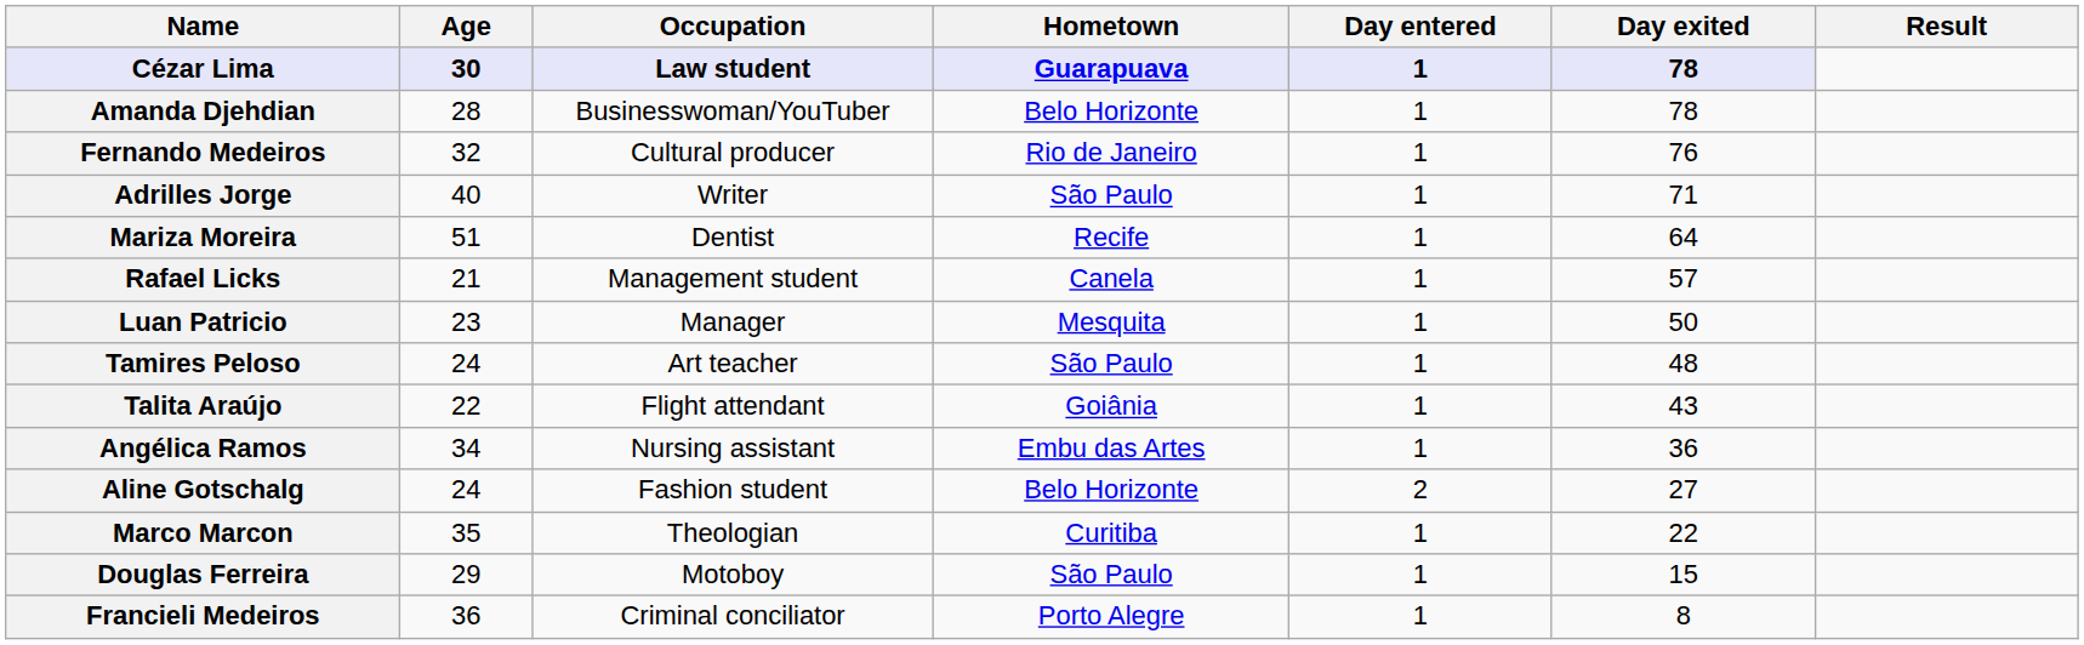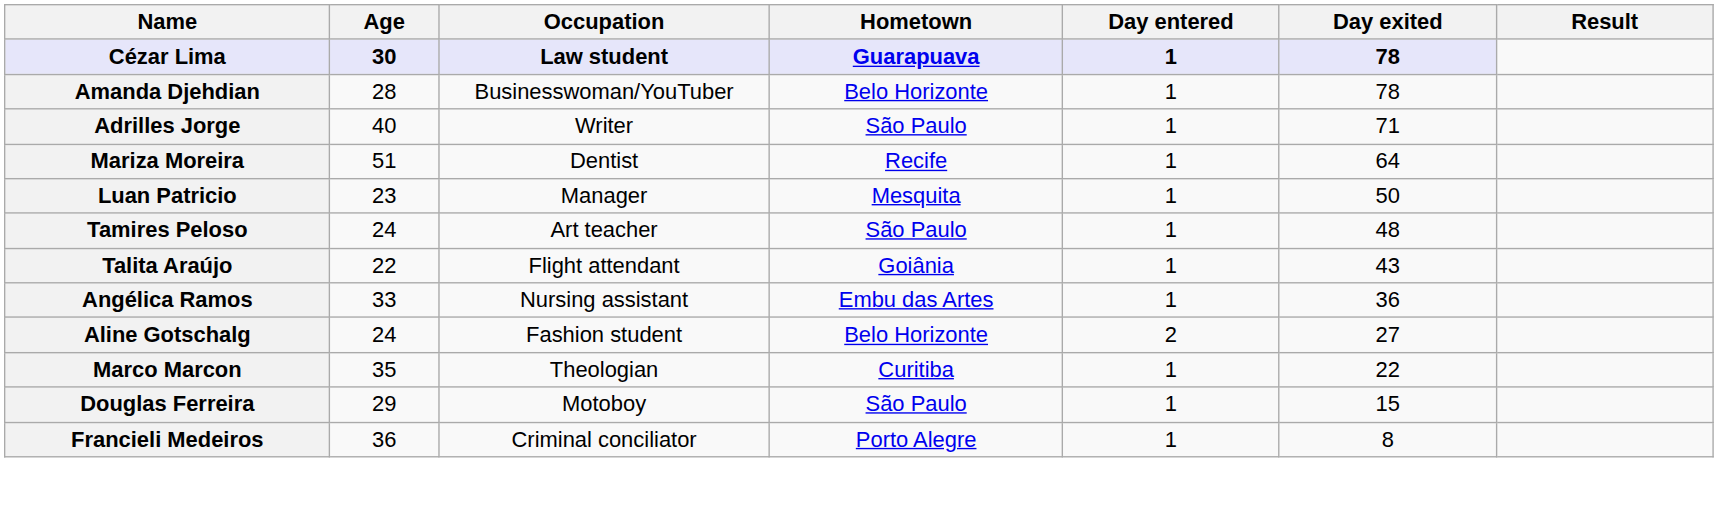 <table class="wikitable sortable" style="text-align:center;">
 <tr>
 <th scope="col" width="15.0%">Name</th>
 <th scope="col" width="05.0%">Age</th>
 <th scope="col" width="13.5%">Occupation</th>
 <th scope="col" width="13.5%">Hometown</th>
 <th scope="col" width="10.0%">Day entered</th>
 <th scope="col" width="10.0%">Day exited</th>
 <th scope="col" width="10.0%">Result</th>
 </tr>
 <tr>
 <td bgcolor="E6E6FA"><strong>Cézar Lima</strong></td>
 <td bgcolor="E6E6FA"><strong>30</strong></td>
 <td bgcolor="E6E6FA"><strong>Law student</strong></td>
 <td bgcolor="E6E6FA"><strong><a href='#'>Guarapuava</a></strong></td>
 <td bgcolor="E6E6FA"><strong>1</strong></td>
 <td bgcolor="E6E6FA"><strong>78</strong></td>
 <td></td>
 </tr>
 <tr>
 <th>Amanda Djehdian</th>
 <td>28</td>
 <td>Businesswoman/YouTuber</td>
 <td><a href='#'>Belo Horizonte</a></td>
 <td>1</td>
 <td>78</td>
 <td></td>
 </tr>
 <tr>
-<th>Fernando Medeiros</th>
-<td>32</td>
-<td>Cultural producer</td>
-<td><a href='#'>Rio de Janeiro</a></td>
-<td>1</td>
-<td>76</td>
-<td></td>
-</tr>
-<tr>
 <th>Adrilles Jorge</th>
 <td>40</td>
 <td>Writer</td>
 <td><a href='#'>São Paulo</a></td>
 <td>1</td>
 <td>71</td>
 <td></td>
 </tr>
 <tr>
 <th>Mariza Moreira</th>
 <td>51</td>
 <td>Dentist</td>
 <td><a href='#'>Recife</a></td>
 <td>1</td>
 <td>64</td>
-<td></td>
-</tr>
-<tr>
-<th>Rafael Licks</th>
-<td>21</td>
-<td>Management student</td>
-<td><a href='#'>Canela</a></td>
-<td>1</td>
-<td>57</td>
 <td></td>
 </tr>
 <tr>
 <th>Luan Patricio</th>
 <td>23</td>
 <td>Manager</td>
 <td><a href='#'>Mesquita</a></td>
 <td>1</td>
 <td>50</td>
 <td></td>
 </tr>
 <tr>
 <th>Tamires Peloso</th>
 <td>24</td>
 <td>Art teacher</td>
 <td><a href='#'>São Paulo</a></td>
 <td>1</td>
 <td>48</td>
 <td></td>
 </tr>
 <tr>
 <th>Talita Araújo</th>
 <td>22</td>
 <td>Flight attendant</td>
 <td><a href='#'>Goiânia</a></td>
 <td>1</td>
 <td>43</td>
 <td></td>
 </tr>
 <tr>
 <th>Angélica Ramos</th>
-<td>34</td>
+<td>33</td>
 <td>Nursing assistant</td>
 <td><a href='#'>Embu das Artes</a></td>
 <td>1</td>
 <td>36</td>
 <td></td>
 </tr>
 <tr>
 <th>Aline Gotschalg</th>
 <td>24</td>
 <td>Fashion student</td>
 <td><a href='#'>Belo Horizonte</a></td>
 <td>2</td>
 <td>27</td>
 <td></td>
 </tr>
 <tr>
 <th>Marco Marcon</th>
 <td>35</td>
 <td>Theologian</td>
 <td><a href='#'>Curitiba</a></td>
 <td>1</td>
 <td>22</td>
 <td></td>
 </tr>
 <tr>
 <th>Douglas Ferreira</th>
 <td>29</td>
 <td>Motoboy</td>
 <td><a href='#'>São Paulo</a></td>
 <td>1</td>
 <td>15</td>
 <td></td>
 </tr>
 <tr>
 <th>Francieli Medeiros</th>
 <td>36</td>
 <td>Criminal conciliator</td>
 <td><a href='#'>Porto Alegre</a></td>
 <td>1</td>
 <td>8</td>
 <td></td>
 </tr>
 </table>
